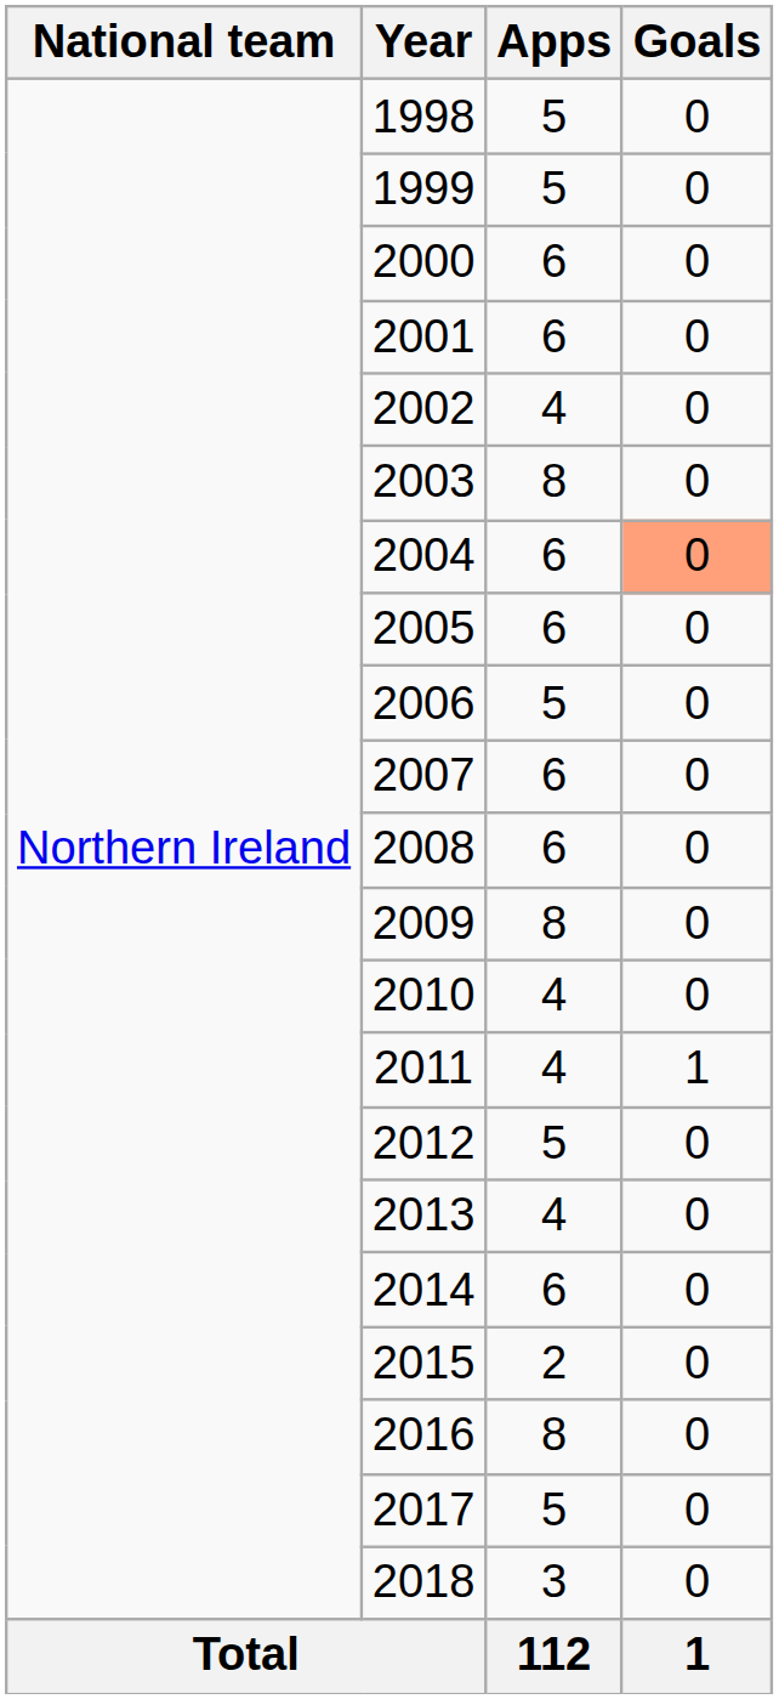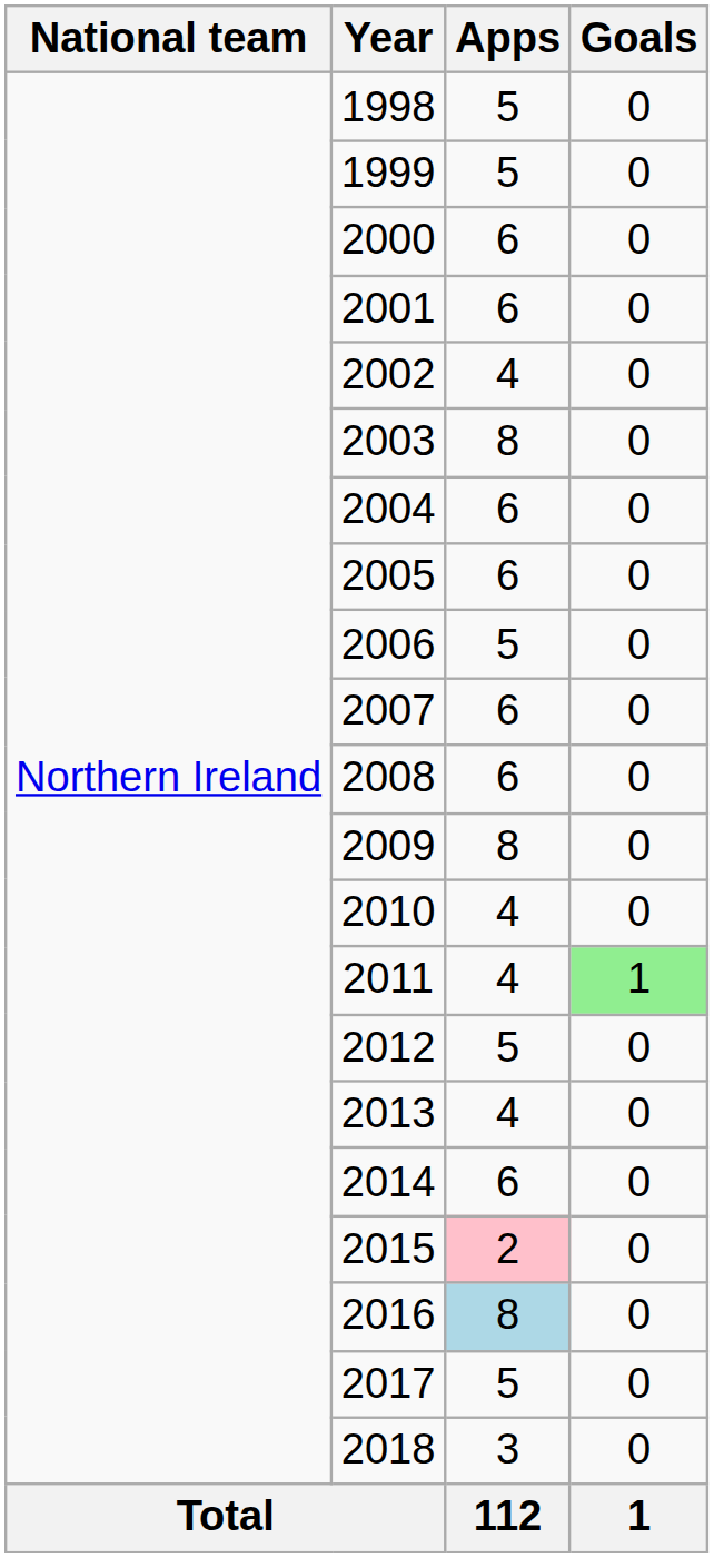 <table class="wikitable" style="text-align:center">
 <tr>
 <th>National team</th>
 <th>Year</th>
 <th>Apps</th>
 <th>Goals</th>
 </tr>
 <tr>
 <td rowspan="21"><a href='#'>Northern Ireland</a></td>
 <td>1998</td>
 <td>5</td>
 <td>0</td>
 </tr>
 <tr>
 <td>1999</td>
 <td>5</td>
 <td>0</td>
 </tr>
 <tr>
 <td>2000</td>
 <td>6</td>
 <td>0</td>
 </tr>
 <tr>
 <td>2001</td>
 <td>6</td>
 <td>0</td>
 </tr>
 <tr>
 <td>2002</td>
 <td>4</td>
 <td>0</td>
 </tr>
 <tr>
 <td>2003</td>
 <td>8</td>
 <td>0</td>
 </tr>
 <tr>
 <td>2004</td>
 <td>6</td>
-<td style="background: lightsalmon;">0</td>
+<td>0</td>
 </tr>
 <tr>
 <td>2005</td>
 <td>6</td>
 <td>0</td>
 </tr>
 <tr>
 <td>2006</td>
 <td>5</td>
 <td>0</td>
 </tr>
 <tr>
 <td>2007</td>
 <td>6</td>
 <td>0</td>
 </tr>
 <tr>
 <td>2008</td>
 <td>6</td>
 <td>0</td>
 </tr>
 <tr>
 <td>2009</td>
 <td>8</td>
 <td>0</td>
 </tr>
 <tr>
 <td>2010</td>
 <td>4</td>
 <td>0</td>
 </tr>
 <tr>
 <td>2011</td>
 <td>4</td>
-<td>1</td>
+<td style="background: lightgreen;">1</td>
 </tr>
 <tr>
 <td>2012</td>
 <td>5</td>
 <td>0</td>
 </tr>
 <tr>
 <td>2013</td>
 <td>4</td>
 <td>0</td>
 </tr>
 <tr>
 <td>2014</td>
 <td>6</td>
 <td>0</td>
 </tr>
 <tr>
 <td>2015</td>
-<td>2</td>
+<td style="background: pink;">2</td>
 <td>0</td>
 </tr>
 <tr>
 <td>2016</td>
-<td>8</td>
+<td style="background: lightblue;">8</td>
 <td>0</td>
 </tr>
 <tr>
 <td>2017</td>
 <td>5</td>
 <td>0</td>
 </tr>
 <tr>
 <td>2018</td>
 <td>3</td>
 <td>0</td>
 </tr>
 <tr>
 <th colspan="2">Total</th>
 <th>112</th>
 <th>1</th>
 </tr>
 </table>
